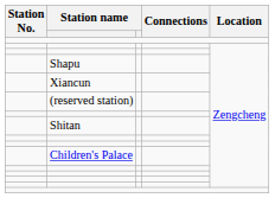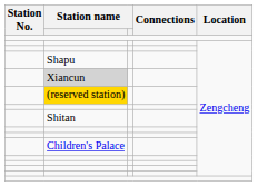 <table class="wikitable">
 <tr>
 <th rowspan="2">Station<br>No.</th>
 <th colspan="2">Station name</th>
 <th rowspan="2">Connections</th>
 <th rowspan="2">Location</th>
 </tr>
 <tr>
 <th></th>
 <th></th>
 </tr>
 <tr style="background:#">
 <td colspan = "7"></td>
 </tr>
 <tr>
 <td></td>
 <td></td>
 <td></td>
 <td> </td>
 <td rowspan="14"><a href='#'>Zengcheng</a></td>
 </tr>
 <tr>
 <td></td>
 <td></td>
 <td></td>
 <td></td>
 </tr>
 <tr>
 <td></td>
 <td>Shapu</td>
 <td></td>
 <td></td>
 </tr>
 <tr>
 <td></td>
-<td>Xiancun</td>
+<td style="background: lightgrey;">Xiancun</td>
 <td></td>
 <td></td>
 </tr>
 <tr>
 <td></td>
-<td> (reserved station)</td>
+<td style="background: gold;"> (reserved station)</td>
 <td></td>
 <td></td>
 </tr>
 <tr>
 <td></td>
 <td></td>
 <td></td>
 <td></td>
 </tr>
 <tr>
 <td></td>
 <td>Shitan</td>
 <td></td>
 <td></td>
 </tr>
 <tr>
 <td></td>
 <td></td>
 <td></td>
 <td></td>
 </tr>
 <tr>
 <td></td>
 <td></td>
 <td></td>
 <td></td>
 </tr>
 <tr>
 <td></td>
 <td><a href='#'>Children's Palace</a></td>
 <td></td>
 <td></td>
 </tr>
 <tr>
 <td></td>
 <td></td>
 <td></td>
 <td></td>
 </tr>
 <tr>
 <td></td>
 <td></td>
 <td></td>
 <td></td>
 </tr>
 <tr>
 <td></td>
 <td></td>
 <td></td>
 <td></td>
 </tr>
 <tr>
 <td></td>
 <td></td>
 <td></td>
 <td></td>
 </tr>
 <tr style="background:#">
 <td colspan = "7"></td>
 </tr>
 </table>
